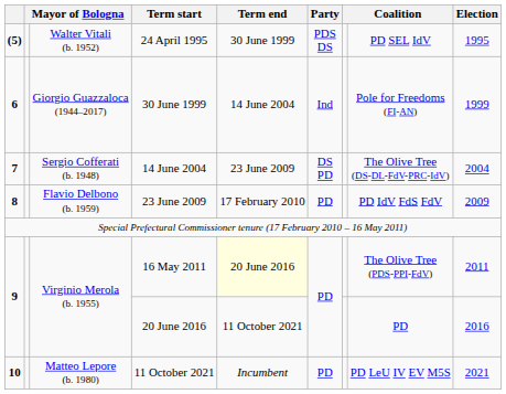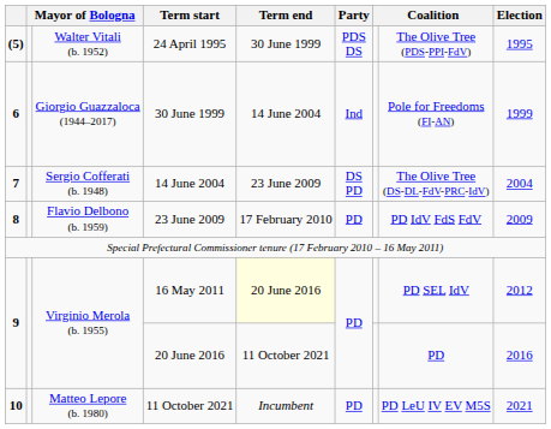 <table class="wikitable" style="text-align: center;">
 <tr>
 <th></th>
 <th colspan="2">Mayor of <a href='#'>Bologna</a></th>
 <th>Term start</th>
 <th>Term end</th>
 <th>Party</th>
 <th colspan="2">Coalition</th>
 <th>Election</th>
 </tr>
 <tr>
 <td rowspan="1" style="background: "><strong>(5)</strong></td>
 <td rowspan="1"></td>
 <td rowspan="1"><a href='#'>Walter Vitali</a> <br><small>(b. 1952)</small></td>
 <td rowspan="1">24 April 1995</td>
 <td rowspan="1">30 June 1999</td>
 <td rowspan="1"><a href='#'>PDS</a><br><a href='#'>DS</a></td>
 <td style="background: "></td>
-<td><a href='#'>PD</a>  <a href='#'>SEL</a>  <a href='#'>IdV</a></td>
+<td><a href='#'>The Olive Tree</a><br><small>(<a href='#'>PDS</a>-<a href='#'>PPI</a>-<a href='#'>FdV</a>)</small></td>
 <td><a href='#'>1995</a></td>
 </tr>
 <tr style="height:8em;">
 <td rowspan="1" style="background: "><strong>6</strong></td>
 <td rowspan="1"></td>
 <td rowspan="1"><a href='#'>Giorgio Guazzaloca</a> <br><small>(1944–2017)</small></td>
 <td rowspan="1">30 June 1999</td>
 <td rowspan="1">14 June 2004</td>
 <td rowspan="1"><a href='#'>Ind</a></td>
 <td style="background: "></td>
 <td><a href='#'>Pole for Freedoms</a><br><small>(<a href='#'>FI</a>-<a href='#'>AN</a>)</small></td>
 <td><a href='#'>1999</a></td>
 </tr>
 <tr>
 <td rowspan="1" style="background: "><strong>7</strong></td>
 <td rowspan="1"></td>
 <td rowspan="1"><a href='#'>Sergio Cofferati</a> <br><small>(b. 1948)</small></td>
 <td rowspan="1">14 June 2004</td>
 <td rowspan="1">23 June 2009</td>
 <td rowspan="1"><a href='#'>DS</a><br><a href='#'>PD</a></td>
 <td style="background: "></td>
 <td><a href='#'>The Olive Tree</a><br><small>(<a href='#'>DS</a>-<a href='#'>DL</a>-<a href='#'>FdV</a>-<a href='#'>PRC</a>-<a href='#'>IdV</a>)</small></td>
 <td><a href='#'>2004</a></td>
 </tr>
 <tr>
 <td rowspan="1" style="background: "><strong>8</strong></td>
 <td rowspan="1"></td>
 <td rowspan="1"><a href='#'>Flavio Delbono</a> <br><small>(b. 1959)</small></td>
 <td rowspan="1">23 June 2009</td>
 <td rowspan="1">17 February 2010</td>
 <td rowspan="1"><a href='#'>PD</a></td>
 <td style="background: "></td>
 <td><a href='#'>PD</a>  <a href='#'>IdV</a>  <a href='#'>FdS</a>  <a href='#'>FdV</a></td>
 <td rowspan=1><a href='#'>2009</a></td>
 </tr>
 <tr>
 <td colspan="9"><em><small>Special Prefectural Commissioner tenure (17 February 2010 – 16 May 2011)</small></em></td>
 </tr>
 <tr style="height:5em;">
 <td rowspan="2" style="background: "><strong>9</strong></td>
 <td rowspan="2"></td>
 <td rowspan="2"><a href='#'>Virginio Merola</a> <br><small>(b. 1955)</small></td>
 <td>16 May 2011</td>
 <td style="background: lightyellow;">20 June 2016</td>
 <td rowspan="2"><a href='#'>PD</a></td>
 <td style="background: "></td>
-<td><a href='#'>The Olive Tree</a><br><small>(<a href='#'>PDS</a>-<a href='#'>PPI</a>-<a href='#'>FdV</a>)</small></td>
-<td><a href='#'>2011</a></td>
+<td><a href='#'>PD</a>  <a href='#'>SEL</a>  <a href='#'>IdV</a></td>
+<td><a href='#'>2012</a></td>
 </tr>
 <tr style="height:5em;">
 <td>20 June 2016</td>
 <td>11 October 2021</td>
 <td style="background: "></td>
 <td><a href='#'>PD</a></td>
 <td><a href='#'>2016</a></td>
 </tr>
 <tr>
 <td rowspan="1" style="background: "><strong>10</strong></td>
 <td rowspan="1"></td>
 <td rowspan="1"><a href='#'>Matteo Lepore</a> <br><small>(b. 1980)</small></td>
 <td rowspan="1">11 October 2021</td>
 <td rowspan="1"><em>Incumbent</em></td>
 <td rowspan="1"><a href='#'>PD</a></td>
 <td style="background: "></td>
 <td><a href='#'>PD</a>  <a href='#'>LeU</a>  <a href='#'>IV</a>  <a href='#'>EV</a>  <a href='#'>M5S</a></td>
 <td><a href='#'>2021</a></td>
 </tr>
 </table>
